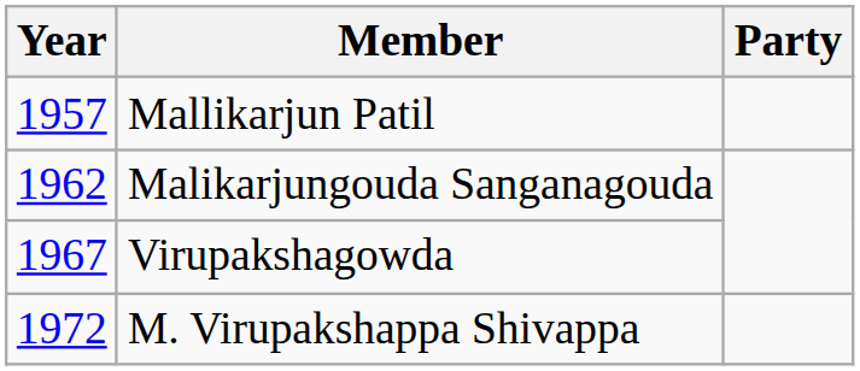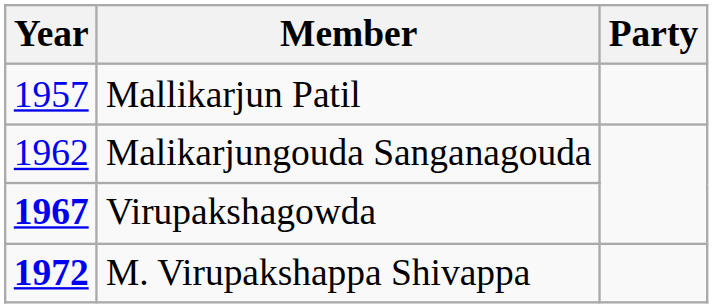 <table class="wikitable sortable">
 <tr>
 <th>Year</th>
 <th>Member</th>
 <th colspan="2">Party</th>
 </tr>
 <tr>
 <td><a href='#'>1957</a></td>
 <td>Mallikarjun Patil</td>
 <td></td>
 </tr>
 <tr>
 <td><a href='#'>1962</a></td>
 <td>Malikarjungouda Sanganagouda</td>
 </tr>
 <tr>
-<td><a href='#'>1967</a></td>
+<td><strong><a href='#'>1967</a></strong></td>
 <td>Virupakshagowda</td>
 </tr>
 <tr>
-<td><a href='#'>1972</a></td>
+<td><strong><a href='#'>1972</a></strong></td>
 <td>M. Virupakshappa Shivappa</td>
 <td></td>
 </tr>
 </table>
